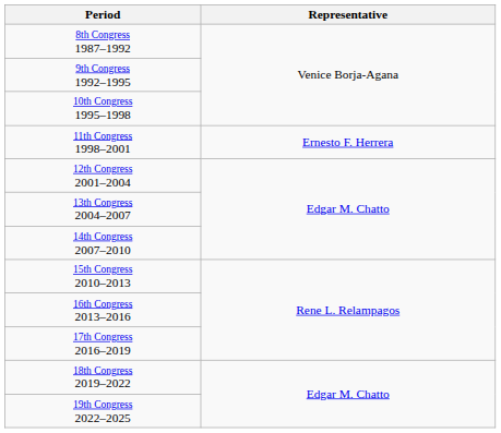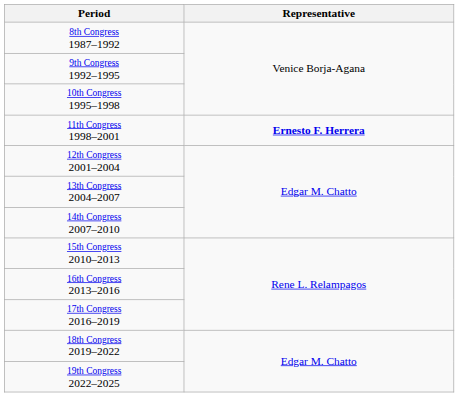 <table class="wikitable" style="text-align:center; width:40%;">
 <tr>
 <th width="40%">Period</th>
 <th>Representative</th>
 </tr>
 <tr>
 <td><small><a href='#'>8th Congress</a></small><br>1987–1992</td>
 <td rowspan="3">Venice Borja-Agana</td>
 </tr>
 <tr>
 <td><small><a href='#'>9th Congress</a></small><br>1992–1995</td>
 </tr>
 <tr>
 <td><small><a href='#'>10th Congress</a></small><br>1995–1998</td>
 </tr>
 <tr>
 <td><small><a href='#'>11th Congress</a></small><br>1998–2001</td>
-<td><a href='#'>Ernesto F. Herrera</a></td>
+<td><strong><a href='#'>Ernesto F. Herrera</a></strong></td>
 </tr>
 <tr>
 <td><small><a href='#'>12th Congress</a></small><br>2001–2004</td>
 <td rowspan="3"><a href='#'>Edgar M. Chatto</a></td>
 </tr>
 <tr>
 <td><small><a href='#'>13th Congress</a></small><br>2004–2007</td>
 </tr>
 <tr>
 <td><small><a href='#'>14th Congress</a></small><br>2007–2010</td>
 </tr>
 <tr>
 <td><small><a href='#'>15th Congress</a></small><br>2010–2013</td>
 <td rowspan="3"><a href='#'>Rene L. Relampagos</a></td>
 </tr>
 <tr>
 <td><small><a href='#'>16th Congress</a></small><br>2013–2016</td>
 </tr>
 <tr>
 <td><small><a href='#'>17th Congress</a></small><br>2016–2019</td>
 </tr>
 <tr>
 <td><small><a href='#'>18th Congress</a></small><br>2019–2022</td>
 <td rowspan="2"><a href='#'>Edgar M. Chatto</a></td>
 </tr>
 <tr>
 <td><small><a href='#'>19th Congress</a></small><br>2022–2025</td>
 </tr>
 </table>
